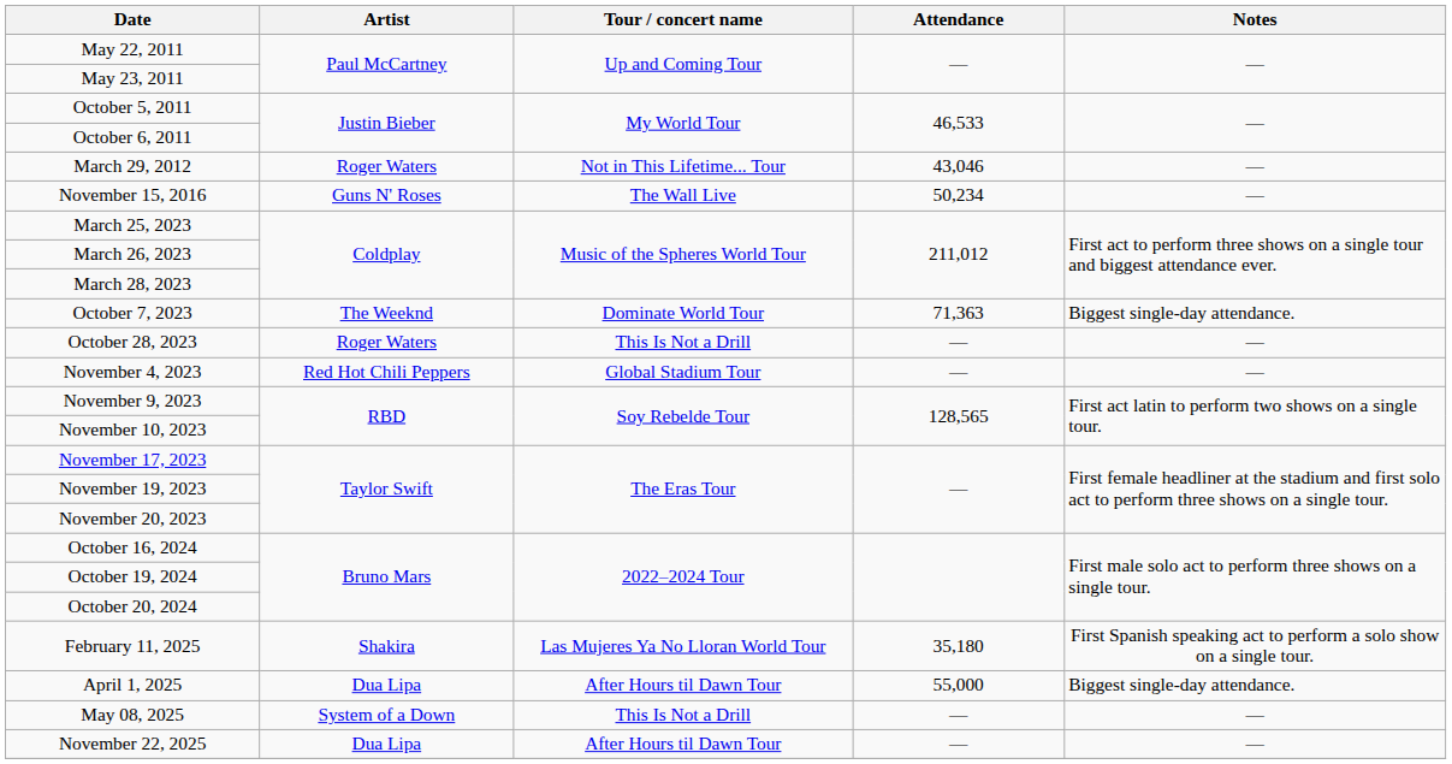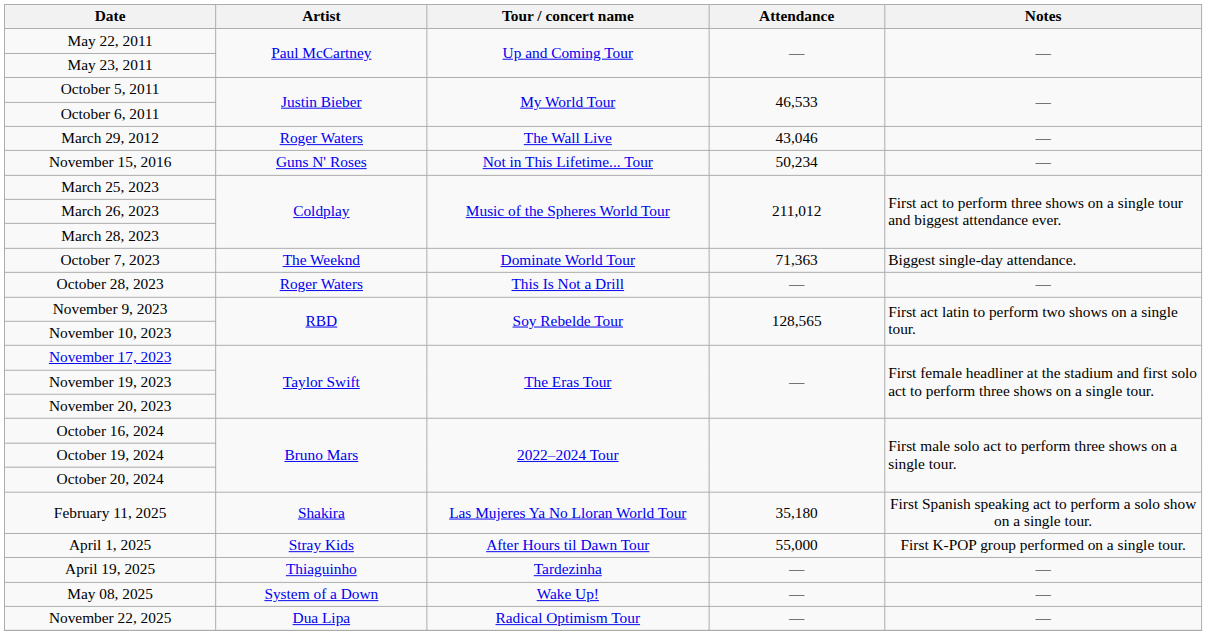 <table class="wikitable" style="text-align:center;">
 <tr>
 <th width=12% style="text-align:center;">Date</th>
 <th width=12% style="text-align:center;">Artist</th>
 <th width=16% style="text-align:center;">Tour / concert name</th>
 <th width=10% style="text-align:center;">Attendance</th>
 <th width=18% style="text-align:center;">Notes</th>
 </tr>
 <tr>
 <td>May 22, 2011</td>
 <td rowspan="2"><a href='#'>Paul McCartney</a></td>
 <td rowspan="2"><a href='#'>Up and Coming Tour</a></td>
 <td rowspan="2">—</td>
 <td rowspan="2">—</td>
 </tr>
 <tr>
 <td>May 23, 2011</td>
 </tr>
 <tr>
 <td>October 5, 2011</td>
 <td rowspan="2"><a href='#'>Justin Bieber</a></td>
 <td rowspan="2"><a href='#'>My World Tour</a></td>
 <td rowspan="2">46,533</td>
 <td rowspan="2">—</td>
 </tr>
 <tr>
 <td>October 6, 2011</td>
 </tr>
 <tr>
 <td>March 29, 2012</td>
 <td><a href='#'>Roger Waters</a></td>
-<td><a href='#'>Not in This Lifetime... Tour</a></td>
+<td><a href='#'>The Wall Live</a></td>
 <td>43,046</td>
 <td>—</td>
 </tr>
 <tr>
 <td>November 15, 2016</td>
 <td><a href='#'>Guns N' Roses</a></td>
-<td><a href='#'>The Wall Live</a></td>
+<td><a href='#'>Not in This Lifetime... Tour</a></td>
 <td>50,234</td>
 <td>—</td>
 </tr>
 <tr>
 <td>March 25, 2023</td>
 <td rowspan="3"><a href='#'>Coldplay</a></td>
 <td rowspan="3"><a href='#'>Music of the Spheres World Tour</a></td>
 <td rowspan="3">211,012</td>
 <td rowspan="3" style="text-align: left;">First act to perform three shows on a single tour and biggest attendance ever.</td>
 </tr>
 <tr>
 <td>March 26, 2023</td>
 </tr>
 <tr>
 <td>March 28, 2023</td>
 </tr>
 <tr>
 <td>October 7, 2023</td>
 <td><a href='#'>The Weeknd</a></td>
 <td><a href='#'>Dominate World Tour</a></td>
 <td>71,363</td>
 <td style="text-align: left;">Biggest single-day attendance.</td>
 </tr>
 <tr>
 <td>October 28, 2023</td>
 <td><a href='#'>Roger Waters</a></td>
 <td><a href='#'>This Is Not a Drill</a></td>
-<td>—</td>
-<td>—</td>
-</tr>
-<tr>
-<td>November 4, 2023</td>
-<td><a href='#'>Red Hot Chili Peppers</a></td>
-<td><a href='#'>Global Stadium Tour</a></td>
 <td>—</td>
 <td>—</td>
 </tr>
 <tr>
 <td>November 9, 2023</td>
 <td rowspan="2"><a href='#'>RBD</a></td>
 <td rowspan="2"><a href='#'>Soy Rebelde Tour</a></td>
 <td rowspan="2">128,565</td>
 <td rowspan="2" style="text-align: left;">First act latin to perform two shows on a single tour.</td>
 </tr>
 <tr>
 <td>November 10, 2023</td>
 </tr>
 <tr>
 <td><a href='#'>November 17, 2023</a></td>
 <td rowspan="3"><a href='#'>Taylor Swift</a></td>
 <td rowspan="3"><a href='#'>The Eras Tour</a></td>
 <td rowspan="3">—</td>
 <td rowspan="3" style="text-align: left;">First female headliner at the stadium and first solo act to perform three shows on a single tour.</td>
 </tr>
 <tr>
 <td>November 19, 2023</td>
 </tr>
 <tr>
 <td>November 20, 2023</td>
 </tr>
 <tr>
 <td>October 16, 2024</td>
 <td rowspan="3"><a href='#'>Bruno Mars</a></td>
 <td rowspan="3"><a href='#'>2022–2024 Tour</a></td>
 <td rowspan="3"></td>
 <td rowspan="3" style="text-align: left;">First male solo act to perform three shows on a single tour.</td>
 </tr>
 <tr>
 <td>October 19, 2024</td>
 </tr>
 <tr>
 <td>October 20, 2024</td>
 </tr>
 <tr>
 <td>February 11, 2025</td>
 <td><a href='#'>Shakira</a></td>
 <td><a href='#'>Las Mujeres Ya No Lloran World Tour</a></td>
 <td>35,180</td>
 <td>First Spanish speaking act to perform a solo show on a single tour.</td>
 </tr>
 <tr>
 <td>April 1, 2025</td>
-<td><a href='#'>Dua Lipa</a></td>
+<td><a href='#'>Stray Kids</a></td>
 <td><a href='#'>After Hours til Dawn Tour</a></td>
 <td>55,000</td>
-<td style="text-align: left;">Biggest single-day attendance.</td>
+<td>First K-POP group performed on a single tour.</td>
+</tr>
+<tr>
+<td>April 19, 2025</td>
+<td><a href='#'>Thiaguinho</a></td>
+<td><a href='#'>Tardezinha</a></td>
+<td>—</td>
+<td>—</td>
 </tr>
 <tr>
 <td>May 08, 2025</td>
 <td><a href='#'>System of a Down</a></td>
-<td><a href='#'>This Is Not a Drill</a></td>
+<td><a href='#'>Wake Up!</a></td>
 <td>—</td>
 <td>—</td>
 </tr>
 <tr>
 <td>November 22, 2025</td>
 <td><a href='#'>Dua Lipa</a></td>
-<td><a href='#'>After Hours til Dawn Tour</a></td>
+<td><a href='#'>Radical Optimism Tour</a></td>
 <td>—</td>
 <td>—</td>
 </tr>
 <tr>
 </tr>
 </table>
